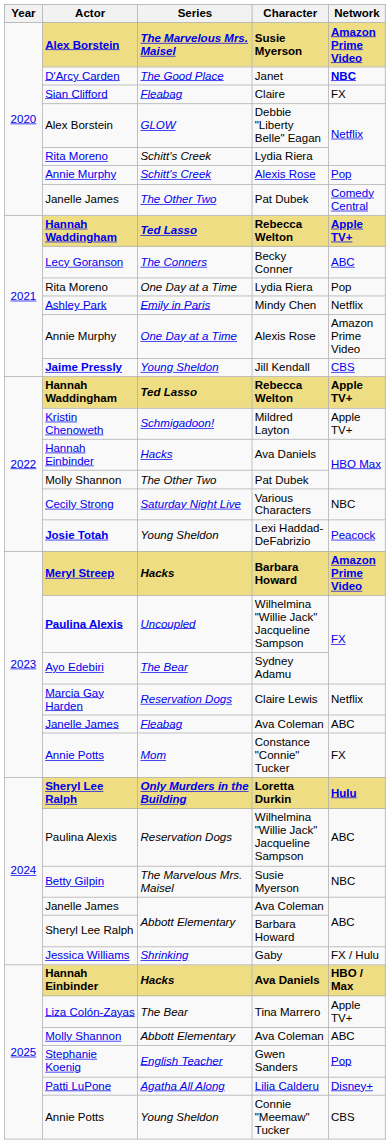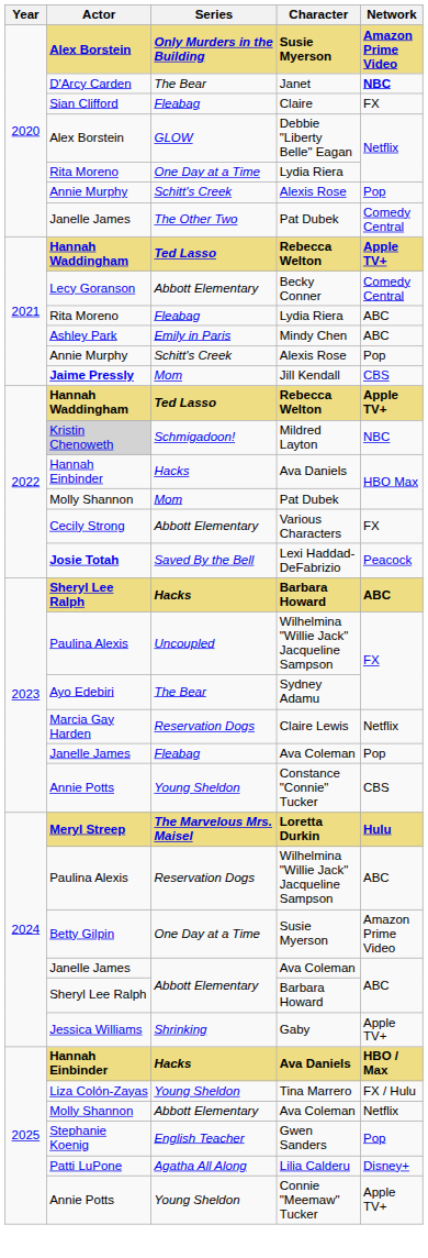 <table class="wikitable" style="width:85%">
 <tr style="background:#bebebe;">
 <th style="width:10%;">Year</th>
 <th style="wodth:25%;">Actor</th>
 <th style="width:30%;">Series</th>
 <th style="width:20%;">Character</th>
 <th style="width:15%;">Network</th>
 </tr>
 <tr>
 <td rowspan="7" style="text-align:center;"><a href='#'>2020</a><br></td>
 <td style="background:#EEDD82;"><strong><a href='#'>Alex Borstein</a></strong></td>
-<td style="background:#EEDD82;"><strong><em><a href='#'>The Marvelous Mrs. Maisel</a></em></strong></td>
+<td style="background:#EEDD82;"><strong><em><a href='#'>Only Murders in the Building</a></em></strong></td>
 <td style="background:#EEDD82;"><strong>Susie Myerson</strong></td>
 <td style="background:#EEDD82;"><strong><a href='#'>Amazon Prime Video</a></strong></td>
 </tr>
 <tr>
 <td><a href='#'>D'Arcy Carden</a></td>
-<td><em><a href='#'>The Good Place</a></em></td>
+<td><em>The Bear</em></td>
 <td>Janet</td>
 <td><strong><a href='#'>NBC</a></strong></td>
 </tr>
 <tr>
 <td><a href='#'>Sian Clifford</a></td>
 <td><em><a href='#'>Fleabag</a></em></td>
 <td>Claire</td>
 <td>FX</td>
 </tr>
 <tr>
 <td>Alex Borstein</td>
 <td><em><a href='#'>GLOW</a></em></td>
 <td>Debbie "Liberty Belle" Eagan</td>
 <td rowspan="2"><a href='#'>Netflix</a></td>
 </tr>
 <tr>
 <td><a href='#'>Rita Moreno</a></td>
-<td><em>Schitt's Creek</em></td>
+<td><em><a href='#'>One Day at a Time</a></em></td>
 <td>Lydia Riera</td>
 </tr>
 <tr>
 <td><a href='#'>Annie Murphy</a></td>
 <td><em><a href='#'>Schitt's Creek</a></em></td>
 <td><a href='#'>Alexis Rose</a></td>
 <td><a href='#'>Pop</a></td>
 </tr>
 <tr>
 <td>Janelle James</td>
 <td><em><a href='#'>The Other Two</a></em></td>
 <td>Pat Dubek</td>
 <td><a href='#'>Comedy Central</a></td>
 </tr>
 <tr>
 <td rowspan="6" style="text-align:center;"><a href='#'>2021</a><br></td>
 <td style="background:#EEDD82;"><strong><a href='#'>Hannah Waddingham</a></strong></td>
 <td style="background:#EEDD82;"><strong><em><a href='#'>Ted Lasso</a></em></strong></td>
 <td style="background:#EEDD82;"><strong>Rebecca Welton</strong></td>
 <td style="background:#EEDD82;"><strong><a href='#'>Apple TV+</a></strong></td>
 </tr>
 <tr>
 <td><a href='#'>Lecy Goranson</a></td>
-<td><em><a href='#'>The Conners</a></em></td>
+<td><em>Abbott Elementary</em></td>
 <td>Becky Conner</td>
-<td><a href='#'>ABC</a></td>
+<td><a href='#'>Comedy Central</a></td>
 </tr>
 <tr>
 <td>Rita Moreno</td>
-<td><em>One Day at a Time</em></td>
+<td><em><a href='#'>Fleabag</a></em></td>
 <td>Lydia Riera</td>
-<td>Pop</td>
+<td>ABC</td>
 </tr>
 <tr>
 <td><a href='#'>Ashley Park</a></td>
 <td><em><a href='#'>Emily in Paris</a></em></td>
 <td>Mindy Chen</td>
-<td>Netflix</td>
+<td>ABC</td>
 </tr>
 <tr>
 <td>Annie Murphy</td>
-<td><em><a href='#'>One Day at a Time</a></em></td>
+<td><em>Schitt's Creek</em></td>
 <td>Alexis Rose</td>
-<td>Amazon Prime Video</td>
+<td>Pop</td>
 </tr>
 <tr>
 <td><strong><a href='#'>Jaime Pressly</a></strong></td>
-<td><em><a href='#'>Young Sheldon</a></em></td>
+<td><em><a href='#'>Mom</a></em></td>
 <td>Jill Kendall</td>
 <td><a href='#'>CBS</a></td>
 </tr>
 <tr>
 <td rowspan="6" style="text-align:center;"><a href='#'>2022</a><br></td>
 <td style="background:#EEDD82;"><strong>Hannah Waddingham</strong></td>
 <td style="background:#EEDD82;"><strong><em>Ted Lasso</em></strong></td>
 <td style="background:#EEDD82;"><strong>Rebecca Welton</strong></td>
 <td style="background:#EEDD82;"><strong>Apple TV+</strong></td>
 </tr>
 <tr>
-<td><a href='#'>Kristin Chenoweth</a></td>
+<td style="background: lightgrey;"><a href='#'>Kristin Chenoweth</a></td>
 <td><em><a href='#'>Schmigadoon!</a></em></td>
 <td>Mildred Layton</td>
-<td>Apple TV+</td>
+<td><a href='#'>NBC</a></td>
 </tr>
 <tr>
 <td><a href='#'>Hannah Einbinder</a></td>
 <td><em><a href='#'>Hacks</a></em></td>
 <td>Ava Daniels</td>
 <td rowspan=2><a href='#'>HBO Max</a></td>
 </tr>
 <tr>
 <td>Molly Shannon</td>
-<td><em>The Other Two</em></td>
+<td><em><a href='#'>Mom</a></em></td>
 <td>Pat Dubek</td>
 </tr>
 <tr>
 <td><a href='#'>Cecily Strong</a></td>
-<td><em><a href='#'>Saturday Night Live</a></em></td>
+<td><em>Abbott Elementary</em></td>
 <td>Various Characters</td>
-<td>NBC</td>
+<td>FX</td>
 </tr>
 <tr>
 <td><strong><a href='#'>Josie Totah</a></strong></td>
-<td><em>Young Sheldon</em></td>
+<td><em><a href='#'>Saved By the Bell</a></em></td>
 <td>Lexi Haddad-DeFabrizio</td>
 <td><a href='#'>Peacock</a></td>
 </tr>
 <tr>
 <td rowspan="6" style="text-align:center;"><a href='#'>2023</a><br></td>
-<td style="background:#EEDD82;"><strong><a href='#'>Meryl Streep</a></strong></td>
+<td style="background:#EEDD82;"><strong><a href='#'>Sheryl Lee Ralph</a></strong></td>
 <td style="background:#EEDD82;"><strong><em>Hacks</em></strong></td>
 <td style="background:#EEDD82;"><strong>Barbara Howard</strong></td>
-<td style="background:#EEDD82;"><strong><a href='#'>Amazon Prime Video</a></strong></td>
+<td style="background:#EEDD82;"><strong>ABC</strong></td>
 </tr>
 <tr>
-<td><strong><a href='#'>Paulina Alexis</a></strong></td>
+<td><a href='#'>Paulina Alexis</a></td>
 <td><em><a href='#'>Uncoupled</a></em></td>
 <td>Wilhelmina "Willie Jack" Jacqueline Sampson</td>
 <td rowspan="2"><a href='#'>FX</a></td>
 </tr>
 <tr>
 <td><a href='#'>Ayo Edebiri</a></td>
 <td><em><a href='#'>The Bear</a></em></td>
 <td>Sydney Adamu</td>
 </tr>
 <tr>
 <td><a href='#'>Marcia Gay Harden</a></td>
 <td><em><a href='#'>Reservation Dogs</a></em></td>
 <td>Claire Lewis</td>
 <td>Netflix</td>
 </tr>
 <tr>
 <td><a href='#'>Janelle James</a></td>
 <td><em><a href='#'>Fleabag</a></em></td>
 <td>Ava Coleman</td>
-<td>ABC</td>
+<td>Pop</td>
 </tr>
 <tr>
 <td><a href='#'>Annie Potts</a></td>
-<td><em><a href='#'>Mom</a></em></td>
+<td><em><a href='#'>Young Sheldon</a></em></td>
 <td>Constance "Connie" Tucker</td>
-<td>FX</td>
+<td>CBS</td>
 </tr>
 <tr>
 <td rowspan="6" style="text-align:center;"><a href='#'>2024</a><br></td>
-<td style="background:#EEDD82;"><strong><a href='#'>Sheryl Lee Ralph</a></strong></td>
-<td style="background:#EEDD82;"><strong><em><a href='#'>Only Murders in the Building</a></em></strong></td>
+<td style="background:#EEDD82;"><strong><a href='#'>Meryl Streep</a></strong></td>
+<td style="background:#EEDD82;"><strong><em><a href='#'>The Marvelous Mrs. Maisel</a></em></strong></td>
 <td style="background:#EEDD82;"><strong>Loretta Durkin</strong></td>
 <td style="background:#EEDD82;"><strong><a href='#'>Hulu</a></strong></td>
 </tr>
 <tr>
 <td>Paulina Alexis</td>
 <td><em>Reservation Dogs</em></td>
 <td>Wilhelmina "Willie Jack" Jacqueline Sampson</td>
 <td>ABC</td>
 </tr>
 <tr>
 <td><a href='#'>Betty Gilpin</a></td>
-<td><em>The Marvelous Mrs. Maisel</em></td>
+<td><em>One Day at a Time</em></td>
 <td>Susie Myerson</td>
-<td>NBC</td>
+<td>Amazon Prime Video</td>
 </tr>
 <tr>
 <td>Janelle James</td>
 <td rowspan="2"><em>Abbott Elementary</em></td>
 <td>Ava Coleman</td>
 <td rowspan="2">ABC</td>
 </tr>
 <tr>
 <td>Sheryl Lee Ralph</td>
 <td>Barbara Howard</td>
 </tr>
 <tr>
 <td><a href='#'>Jessica Williams</a></td>
 <td><em><a href='#'>Shrinking</a></em></td>
 <td>Gaby</td>
-<td>FX / Hulu</td>
+<td>Apple TV+</td>
 </tr>
 <tr>
 <td rowspan="6" style="text-align:center;"><a href='#'>2025</a><br></td>
 <td style="background:#EEDD82;"><strong>Hannah Einbinder</strong></td>
 <td style="background:#EEDD82;"><strong><em>Hacks</em></strong></td>
 <td style="background:#EEDD82;"><strong>Ava Daniels</strong></td>
 <td style="background:#EEDD82;"><strong>HBO / Max</strong></td>
 </tr>
 <tr>
 <td><a href='#'>Liza Colón-Zayas</a></td>
-<td><em>The Bear</em></td>
+<td><em><a href='#'>Young Sheldon</a></em></td>
 <td>Tina Marrero</td>
-<td>Apple TV+</td>
+<td>FX / Hulu</td>
 </tr>
 <tr>
 <td><a href='#'>Molly Shannon</a></td>
 <td><em>Abbott Elementary</em></td>
 <td>Ava Coleman</td>
-<td>ABC</td>
+<td>Netflix</td>
 </tr>
 <tr>
 <td><a href='#'>Stephanie Koenig</a></td>
 <td><em><a href='#'>English Teacher</a></em></td>
 <td>Gwen Sanders</td>
 <td><a href='#'>Pop</a></td>
 </tr>
 <tr>
 <td><a href='#'>Patti LuPone</a></td>
 <td><em><a href='#'>Agatha All Along</a></em></td>
 <td><a href='#'>Lilia Calderu</a></td>
 <td><a href='#'>Disney+</a></td>
 </tr>
 <tr>
 <td>Annie Potts</td>
 <td><em>Young Sheldon</em></td>
 <td>Connie "Meemaw" Tucker</td>
-<td>CBS</td>
+<td>Apple TV+</td>
 </tr>
 </table>
